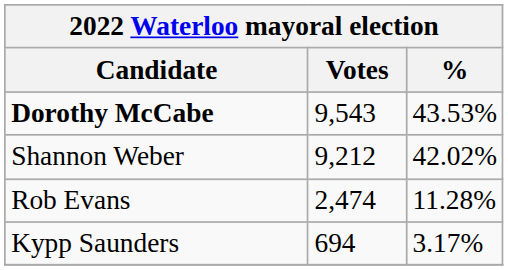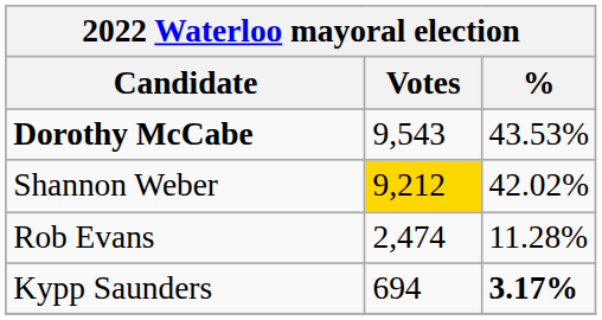 <table class="wikitable">
 <tr>
 <th colspan="3">2022 <a href='#'>Waterloo</a> mayoral election</th>
 </tr>
 <tr>
 <th style="width: 170px">Candidate</th>
 <th style="width: 50px">Votes</th>
 <th style="width: 40px">%</th>
 </tr>
 <tr>
 <td><strong>Dorothy McCabe</strong></td>
 <td>9,543</td>
 <td>43.53%</td>
 </tr>
 <tr>
 <td>Shannon Weber</td>
-<td>9,212</td>
+<td style="background: gold;">9,212</td>
 <td>42.02%</td>
 </tr>
 <tr>
 <td>Rob Evans</td>
 <td>2,474</td>
 <td>11.28%</td>
 </tr>
 <tr>
 <td>Kypp Saunders</td>
 <td>694</td>
-<td>3.17%</td>
+<td><strong>3.17%</strong></td>
 </tr>
 <tr>
 </tr>
 </table>
